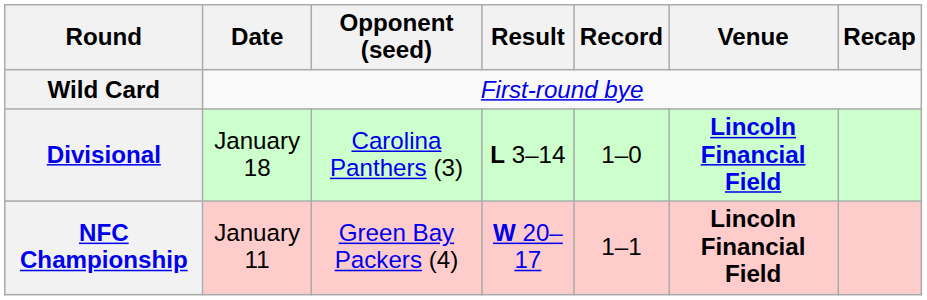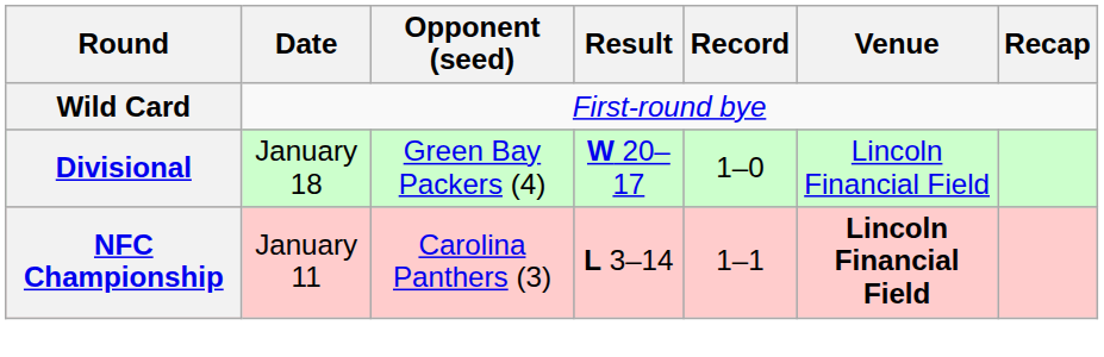 <table class="wikitable" style="text-align:center">
 <tr>
 <th>Round</th>
 <th>Date</th>
 <th>Opponent (seed)</th>
 <th>Result</th>
 <th>Record</th>
 <th>Venue</th>
 <th>Recap</th>
 </tr>
 <tr>
 <th>Wild Card</th>
 <td colspan="6"><em><a href='#'>First-round bye</a></em></td>
 </tr>
 <tr style="background:#cfc">
 <th><a href='#'>Divisional</a></th>
 <td>January 18</td>
-<td><a href='#'>Carolina Panthers</a> (3)</td>
-<td><strong>L</strong> 3–14</td>
+<td><a href='#'>Green Bay Packers</a> (4)</td>
+<td><a href='#'><strong>W</strong> 20–17 </a></td>
 <td>1–0</td>
-<td><strong><a href='#'>Lincoln Financial Field</a></strong></td>
+<td><a href='#'>Lincoln Financial Field</a></td>
 <td></td>
 </tr>
 <tr style="background:#fcc">
 <th><a href='#'>NFC Championship</a></th>
 <td>January 11</td>
-<td><a href='#'>Green Bay Packers</a> (4)</td>
-<td><a href='#'><strong>W</strong> 20–17 </a></td>
+<td><a href='#'>Carolina Panthers</a> (3)</td>
+<td><strong>L</strong> 3–14</td>
 <td>1–1</td>
 <td><strong>Lincoln Financial Field</strong></td>
 <td></td>
 </tr>
 </table>
